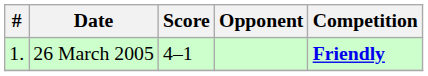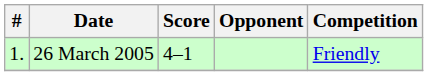 <table class="wikitable" style="font-size:90%">
 <tr>
 <th>#</th>
 <th>Date</th>
 <th>Score</th>
 <th>Opponent</th>
 <th>Competition</th>
 </tr>
 <tr style="background: #CCFFCC">
 <td>1.</td>
 <td>26 March 2005</td>
 <td>4–1</td>
 <td></td>
-<td><strong><a href='#'>Friendly</a></strong></td>
+<td><a href='#'>Friendly</a></td>
 </tr>
 <tr>
 </tr>
 </table>
